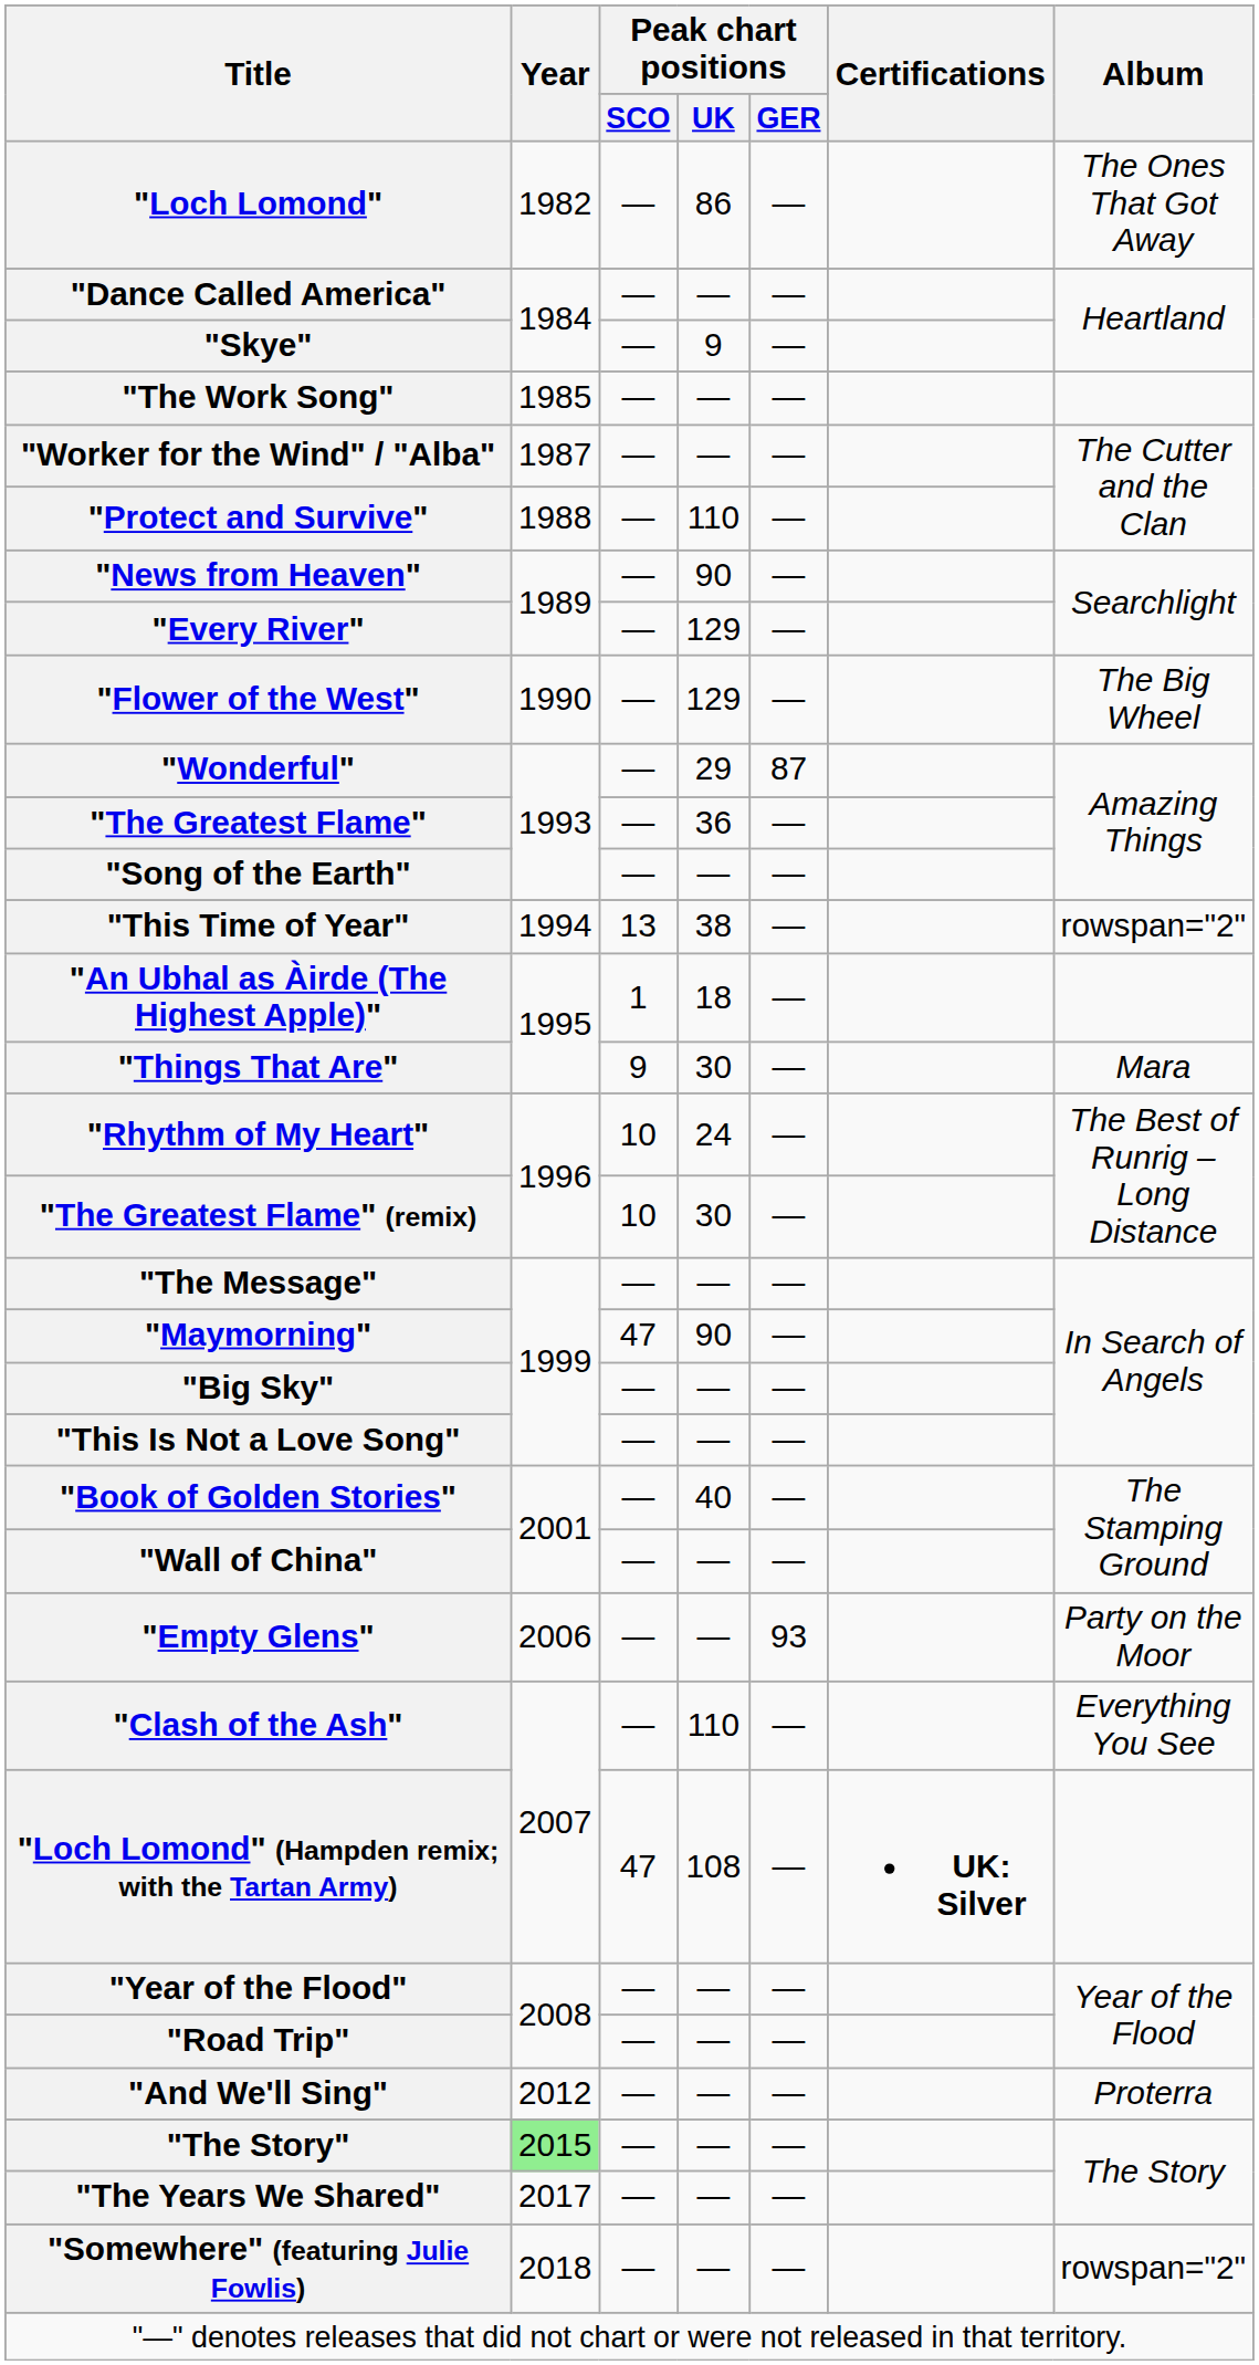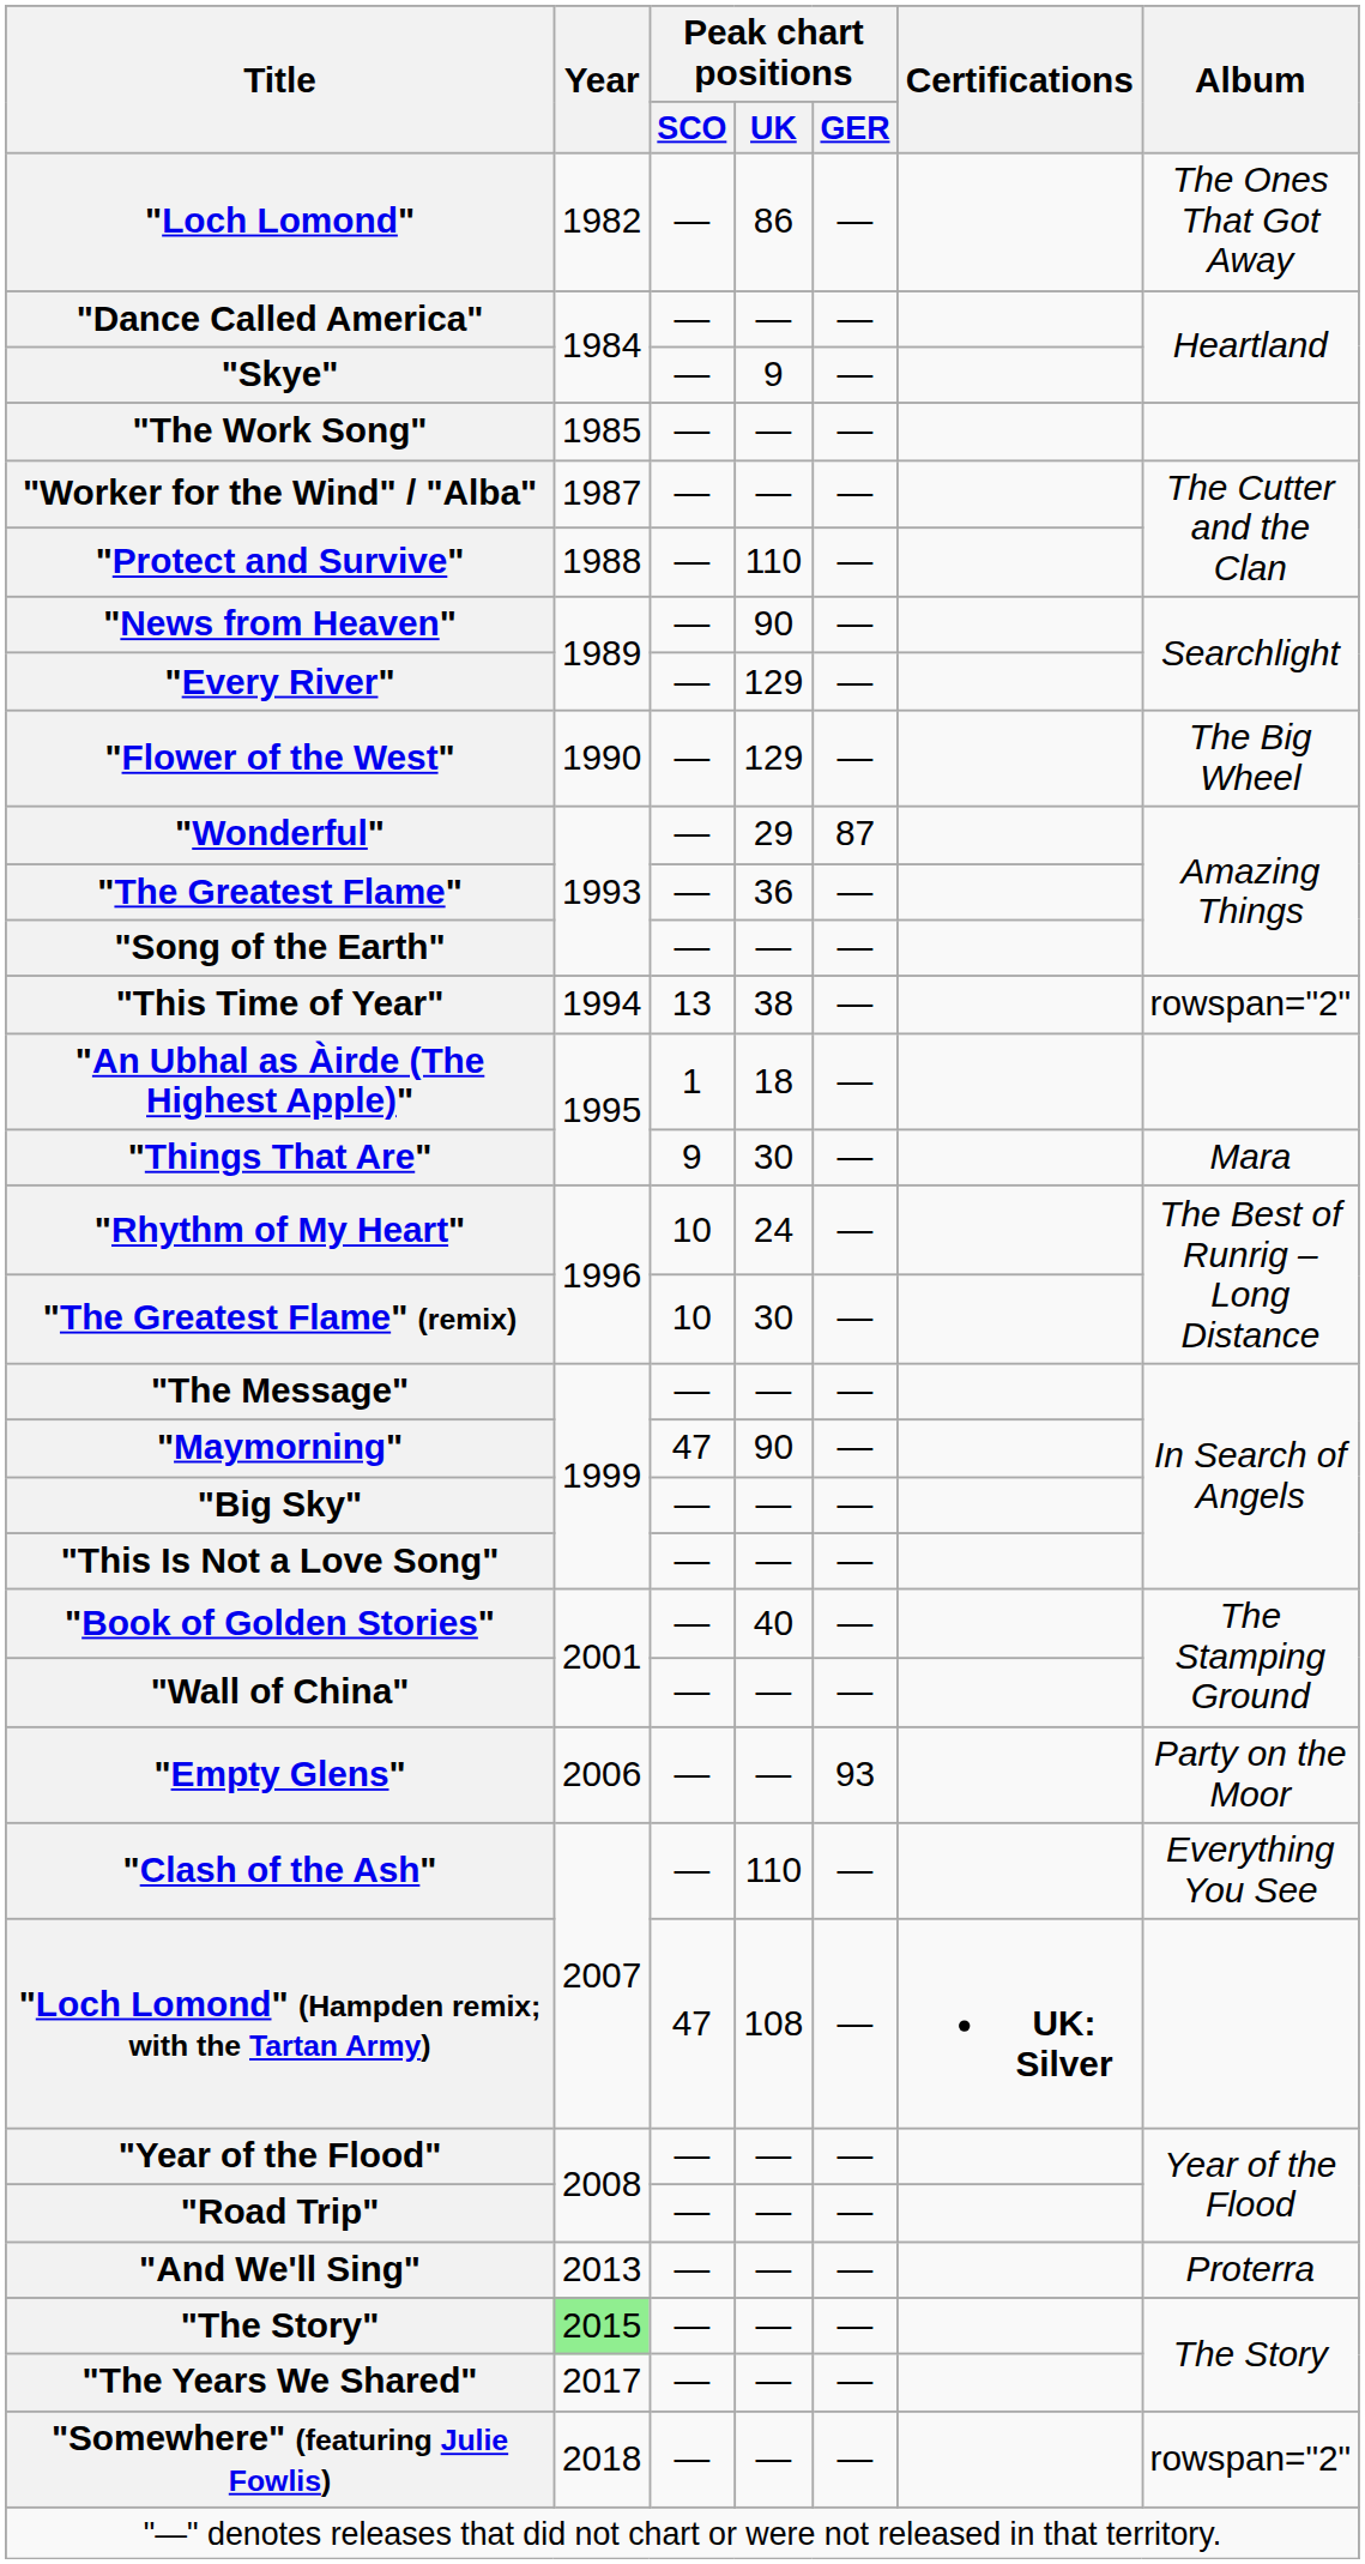 <table class="wikitable plainrowheaders" style="text-align:center;">
 <tr>
 <th rowspan="2" scope="col" style="width:17em;">Title</th>
 <th rowspan="2" scope="col" style="width:2em;">Year</th>
 <th colspan="3">Peak chart positions</th>
 <th rowspan="2">Certifications</th>
 <th rowspan="2">Album</th>
 </tr>
 <tr>
 <th scope="col" style="width:2em;font-size:90%;"><a href='#'>SCO</a><br></th>
 <th scope="col" style="width:2em;font-size:90%;"><a href='#'>UK</a><br></th>
 <th scope="col" style="width:2em;font-size:90%;"><a href='#'>GER</a><br></th>
 </tr>
 <tr>
 <th scope="row">"<a href='#'>Loch Lomond</a>"</th>
 <td>1982</td>
 <td>—</td>
 <td>86</td>
 <td>—</td>
 <td></td>
 <td><em>The Ones That Got Away</em></td>
 </tr>
 <tr>
 <th scope="row">"Dance Called America"</th>
 <td rowspan="2">1984</td>
 <td>—</td>
 <td>—</td>
 <td>—</td>
 <td></td>
 <td rowspan="2"><em>Heartland</em></td>
 </tr>
 <tr>
 <th scope="row">"Skye"</th>
 <td>—</td>
 <td>9</td>
 <td>—</td>
 <td></td>
 </tr>
 <tr>
 <th scope="row">"The Work Song"</th>
 <td>1985</td>
 <td>—</td>
 <td>—</td>
 <td>—</td>
 <td></td>
 <td></td>
 </tr>
 <tr>
 <th scope="row">"Worker for the Wind" / "Alba"</th>
 <td>1987</td>
 <td>—</td>
 <td>—</td>
 <td>—</td>
 <td></td>
 <td rowspan="2"><em>The Cutter and the Clan</em></td>
 </tr>
 <tr>
 <th scope="row">"<a href='#'>Protect and Survive</a>"</th>
 <td>1988</td>
 <td>—</td>
 <td>110</td>
 <td>—</td>
 <td></td>
 </tr>
 <tr>
 <th scope="row">"<a href='#'>News from Heaven</a>"</th>
 <td rowspan="2">1989</td>
 <td>—</td>
 <td>90</td>
 <td>—</td>
 <td></td>
 <td rowspan="2"><em>Searchlight</em></td>
 </tr>
 <tr>
 <th scope="row">"<a href='#'>Every River</a>"</th>
 <td>—</td>
 <td>129</td>
 <td>—</td>
 <td></td>
 </tr>
 <tr>
 <th scope="row">"<a href='#'>Flower of the West</a>"</th>
 <td>1990</td>
 <td>—</td>
 <td>129</td>
 <td>—</td>
 <td></td>
 <td><em>The Big Wheel</em></td>
 </tr>
 <tr>
 <th scope="row">"<a href='#'>Wonderful</a>"</th>
 <td rowspan="3">1993</td>
 <td>—</td>
 <td>29</td>
 <td>87</td>
 <td></td>
 <td rowspan="3"><em>Amazing Things</em></td>
 </tr>
 <tr>
 <th scope="row">"<a href='#'>The Greatest Flame</a>"</th>
 <td>—</td>
 <td>36</td>
 <td>—</td>
 <td></td>
 </tr>
 <tr>
 <th scope="row">"Song of the Earth"</th>
 <td>—</td>
 <td>—</td>
 <td>—</td>
 <td></td>
 </tr>
 <tr>
 <th scope="row">"This Time of Year"</th>
 <td>1994</td>
 <td>13</td>
 <td>38</td>
 <td>—</td>
 <td></td>
 <td>rowspan="2" </td>
 </tr>
 <tr>
 <th scope="row">"<a href='#'>An Ubhal as Àirde (The Highest Apple)</a>"</th>
 <td rowspan="2">1995</td>
 <td>1</td>
 <td>18</td>
 <td>—</td>
 <td></td>
 </tr>
 <tr>
 <th scope="row">"<a href='#'>Things That Are</a>"</th>
 <td>9</td>
 <td>30</td>
 <td>—</td>
 <td></td>
 <td><em>Mara</em></td>
 </tr>
 <tr>
 <th scope="row">"<a href='#'>Rhythm of My Heart</a>"</th>
 <td rowspan="2">1996</td>
 <td>10</td>
 <td>24</td>
 <td>—</td>
 <td></td>
 <td rowspan="2"><em>The Best of Runrig – Long Distance</em></td>
 </tr>
 <tr>
 <th scope="row">"<a href='#'>The Greatest Flame</a>" <small>(remix)</small></th>
 <td>10</td>
 <td>30</td>
 <td>—</td>
 <td></td>
 </tr>
 <tr>
 <th scope="row">"The Message"</th>
 <td rowspan="4">1999</td>
 <td>—</td>
 <td>—</td>
 <td>—</td>
 <td></td>
 <td rowspan="4"><em>In Search of Angels</em></td>
 </tr>
 <tr>
 <th scope="row">"<a href='#'>Maymorning</a>"</th>
 <td>47</td>
 <td>90</td>
 <td>—</td>
 <td></td>
 </tr>
 <tr>
 <th scope="row">"Big Sky"</th>
 <td>—</td>
 <td>—</td>
 <td>—</td>
 <td></td>
 </tr>
 <tr>
 <th scope="row">"This Is Not a Love Song"</th>
 <td>—</td>
 <td>—</td>
 <td>—</td>
 <td></td>
 </tr>
 <tr>
 <th scope="row">"<a href='#'>Book of Golden Stories</a>"</th>
 <td rowspan="2">2001</td>
 <td>—</td>
 <td>40</td>
 <td>—</td>
 <td></td>
 <td rowspan="2"><em>The Stamping Ground</em></td>
 </tr>
 <tr>
 <th scope="row">"Wall of China"</th>
 <td>—</td>
 <td>—</td>
 <td>—</td>
 <td></td>
 </tr>
 <tr>
 <th scope="row">"<a href='#'>Empty Glens</a>"</th>
 <td>2006</td>
 <td>—</td>
 <td>—</td>
 <td>93</td>
 <td></td>
 <td><em>Party on the Moor</em></td>
 </tr>
 <tr>
 <th scope="row">"<a href='#'>Clash of the Ash</a>"</th>
 <td rowspan="2">2007</td>
 <td>—</td>
 <td>110</td>
 <td>—</td>
 <td></td>
 <td><em>Everything You See</em></td>
 </tr>
 <tr>
 <th scope="row">"<a href='#'>Loch Lomond</a>" <small>(Hampden remix; with the <a href='#'>Tartan Army</a>)</small></th>
 <td>47</td>
 <td>108</td>
 <td>—</td>
 <td><strong><br><ul><li>UK: Silver</li></ul></strong></td>
 <td></td>
 </tr>
 <tr>
 <th scope="row">"Year of the Flood"</th>
 <td rowspan="2">2008</td>
 <td>—</td>
 <td>—</td>
 <td>—</td>
 <td></td>
 <td rowspan="2"><em>Year of the Flood</em></td>
 </tr>
 <tr>
 <th scope="row">"Road Trip"</th>
 <td>—</td>
 <td>—</td>
 <td>—</td>
 <td></td>
 </tr>
 <tr>
 <th scope="row">"And We'll Sing"</th>
-<td>2012</td>
+<td>2013</td>
 <td>—</td>
 <td>—</td>
 <td>—</td>
 <td></td>
 <td><em>Proterra</em></td>
 </tr>
 <tr>
 <th scope="row">"The Story"</th>
 <td style="background: lightgreen;">2015</td>
 <td>—</td>
 <td>—</td>
 <td>—</td>
 <td></td>
 <td rowspan="2"><em>The Story</em></td>
 </tr>
 <tr>
 <th scope="row">"The Years We Shared"</th>
 <td>2017</td>
 <td>—</td>
 <td>—</td>
 <td>—</td>
 <td></td>
 </tr>
 <tr>
 <th scope="row">"Somewhere" <small>(featuring <a href='#'>Julie Fowlis</a>)</small></th>
 <td>2018</td>
 <td>—</td>
 <td>—</td>
 <td>—</td>
 <td></td>
 <td>rowspan="2" </td>
 </tr>
 <tr>
 <td colspan="7" style="font-size:90%">"—" denotes releases that did not chart or were not released in that territory.</td>
 </tr>
 </table>
